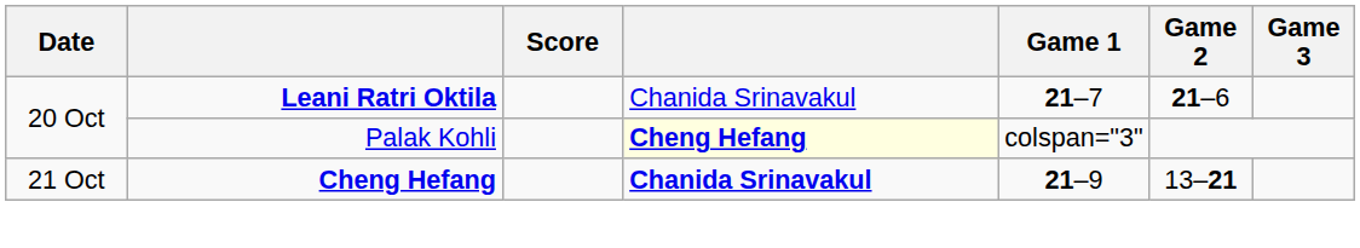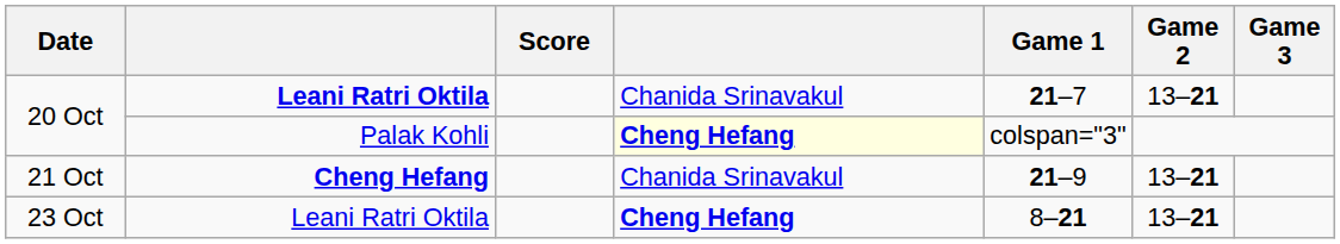 <table class="wikitable" style="text-align:center; font-size:90% ">
 <tr>
 <th width="60">Date</th>
 <th align="right" width="200"></th>
 <th width="60">Score</th>
 <th align="left" width="200"></th>
 <th width="50">Game 1</th>
 <th width="50">Game 2</th>
 <th width="50">Game 3</th>
 </tr>
 <tr>
 <td rowspan="2">20 Oct</td>
 <td align="right"><strong><a href='#'>Leani Ratri Oktila</a> </strong></td>
 <td align="center"></td>
 <td align="left"> <a href='#'>Chanida Srinavakul</a></td>
 <td><strong>21</strong>–7</td>
-<td><strong>21</strong>–6</td>
+<td>13–<strong>21</strong></td>
 <td></td>
 </tr>
 <tr>
 <td align="right"><a href='#'>Palak Kohli</a> </td>
 <td align="center"></td>
 <td align="left" style="background: lightyellow;"><strong> <a href='#'>Cheng Hefang</a></strong></td>
 <td>colspan="3" </td>
 </tr>
 <tr>
 <td>21 Oct</td>
 <td align="right"><strong><a href='#'>Cheng Hefang</a> </strong></td>
 <td align="center"></td>
-<td align="left"><strong> <a href='#'>Chanida Srinavakul</a></strong></td>
+<td align="left"> <a href='#'>Chanida Srinavakul</a></td>
 <td><strong>21</strong>–9</td>
 <td>13–<strong>21</strong></td>
 <td></td>
 </tr>
+<tr>
+<td>23 Oct</td>
+<td align="right"><a href='#'>Leani Ratri Oktila</a> </td>
+<td align="center"></td>
+<td align="left"><strong> <a href='#'>Cheng Hefang</a></strong></td>
+<td>8–<strong>21</strong></td>
+<td>13–<strong>21</strong></td>
+<td></td>
+</tr>
 </table>
